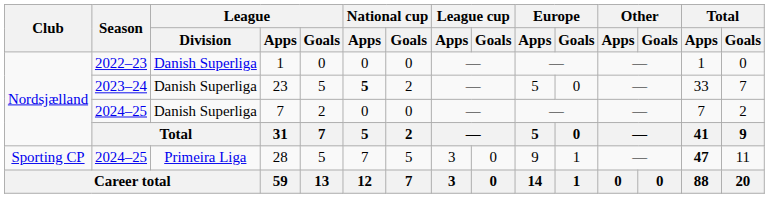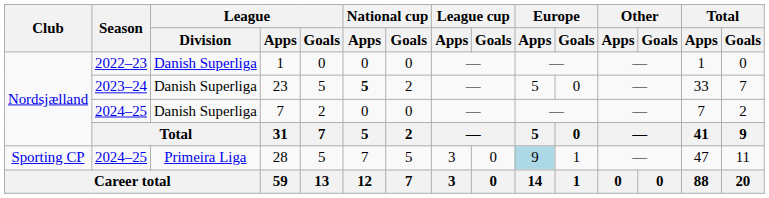 <table class="wikitable" style="text-align:center">
 <tr>
 <th rowspan="2">Club</th>
 <th rowspan="2">Season</th>
 <th colspan="3">League</th>
 <th colspan="2">National cup</th>
 <th colspan="2">League cup</th>
 <th colspan="2">Europe</th>
 <th colspan="2">Other</th>
 <th colspan="2">Total</th>
 </tr>
 <tr>
 <th>Division</th>
 <th>Apps</th>
 <th>Goals</th>
 <th>Apps</th>
 <th>Goals</th>
 <th>Apps</th>
 <th>Goals</th>
 <th>Apps</th>
 <th>Goals</th>
 <th>Apps</th>
 <th>Goals</th>
 <th>Apps</th>
 <th>Goals</th>
 </tr>
 <tr>
 <td rowspan="4"><a href='#'>Nordsjælland</a></td>
 <td><a href='#'>2022–23</a></td>
 <td><a href='#'>Danish Superliga</a></td>
 <td>1</td>
 <td>0</td>
 <td>0</td>
 <td>0</td>
 <td colspan="2">—</td>
 <td colspan="2">—</td>
 <td colspan="2">—</td>
 <td>1</td>
 <td>0</td>
 </tr>
 <tr>
 <td><a href='#'>2023–24</a></td>
 <td>Danish Superliga</td>
 <td>23</td>
 <td>5</td>
 <td><strong>5</strong></td>
 <td>2</td>
 <td colspan="2">—</td>
 <td>5</td>
 <td>0</td>
 <td colspan="2">—</td>
 <td>33</td>
 <td>7</td>
 </tr>
 <tr>
 <td><a href='#'>2024–25</a></td>
 <td>Danish Superliga</td>
 <td>7</td>
 <td>2</td>
 <td>0</td>
 <td>0</td>
 <td colspan="2">—</td>
 <td colspan="2">—</td>
 <td colspan="2">—</td>
 <td>7</td>
 <td>2</td>
 </tr>
 <tr>
 <th colspan="2">Total</th>
 <th>31</th>
 <th>7</th>
 <th>5</th>
 <th>2</th>
 <th colspan="2">—</th>
 <th>5</th>
 <th>0</th>
 <th colspan="2">—</th>
 <th>41</th>
 <th>9</th>
 </tr>
 <tr>
 <td><a href='#'>Sporting CP</a></td>
 <td><a href='#'>2024–25</a></td>
 <td><a href='#'>Primeira Liga</a></td>
 <td>28</td>
 <td>5</td>
 <td>7</td>
 <td>5</td>
 <td>3</td>
 <td>0</td>
-<td>9</td>
+<td style="background: lightblue;">9</td>
 <td>1</td>
 <td colspan="2">—</td>
-<td><strong>47</strong></td>
+<td>47</td>
 <td>11</td>
 </tr>
 <tr>
 <th colspan="3">Career total</th>
 <th>59</th>
 <th>13</th>
 <th>12</th>
 <th>7</th>
 <th>3</th>
 <th>0</th>
 <th>14</th>
 <th>1</th>
 <th>0</th>
 <th>0</th>
 <th>88</th>
 <th>20</th>
 </tr>
 </table>
